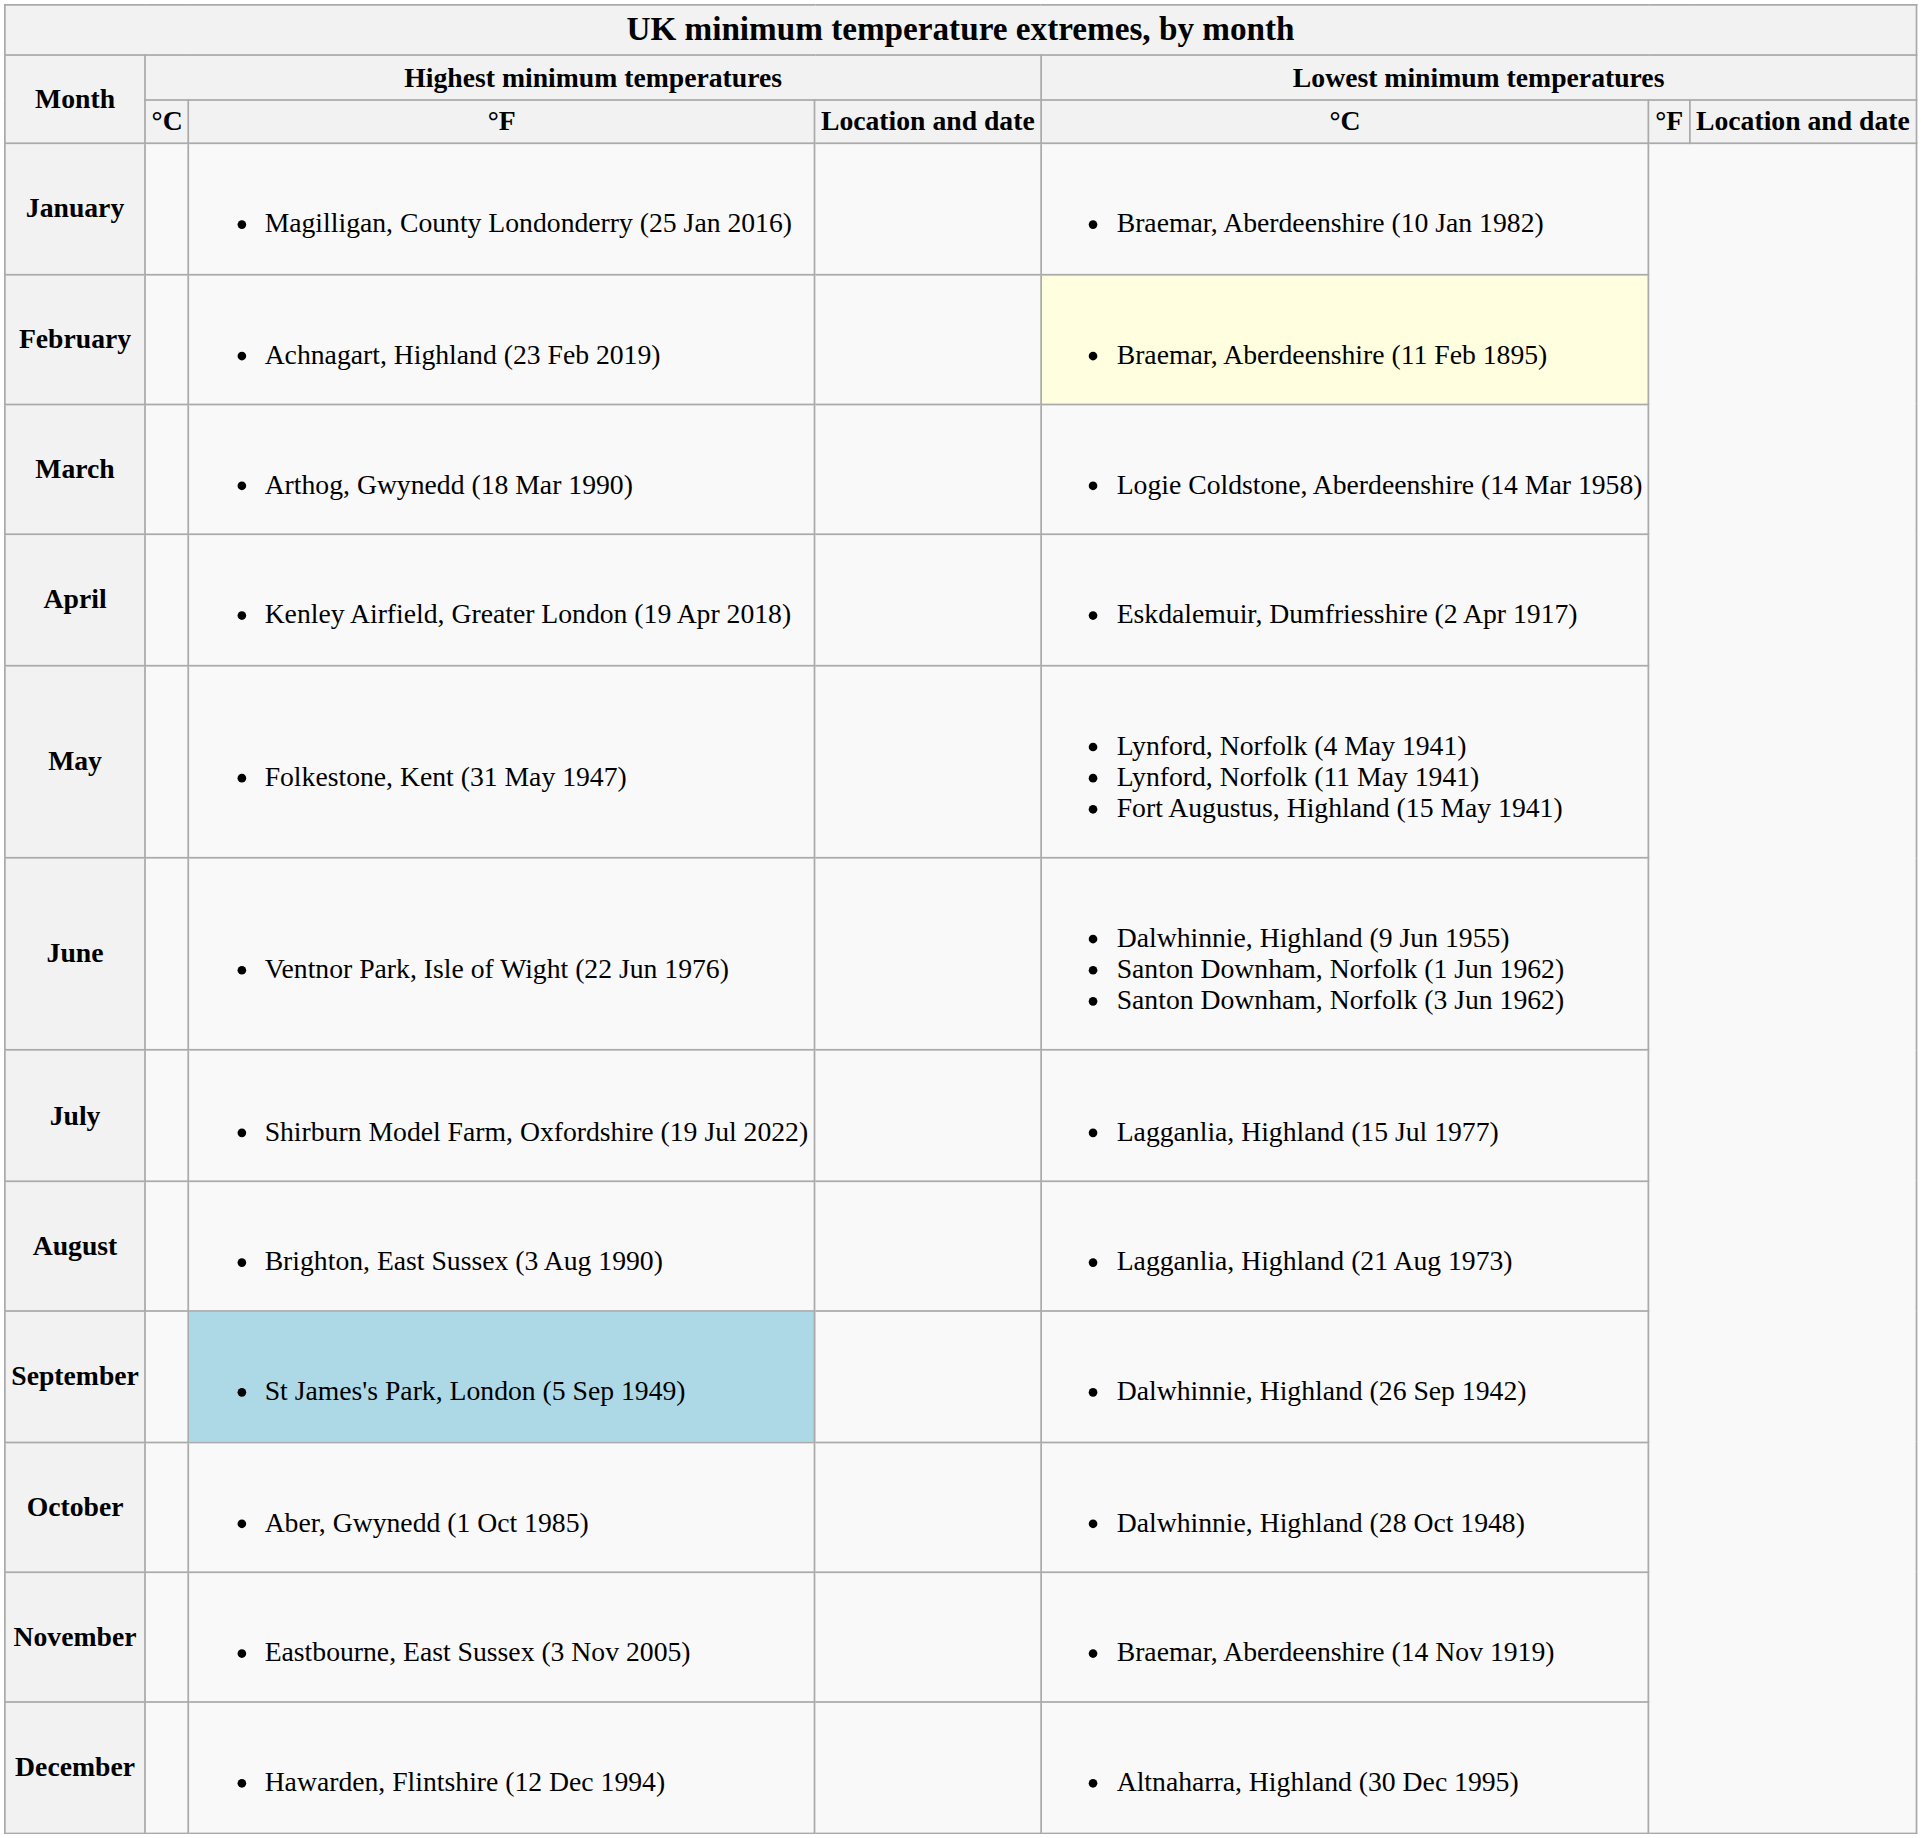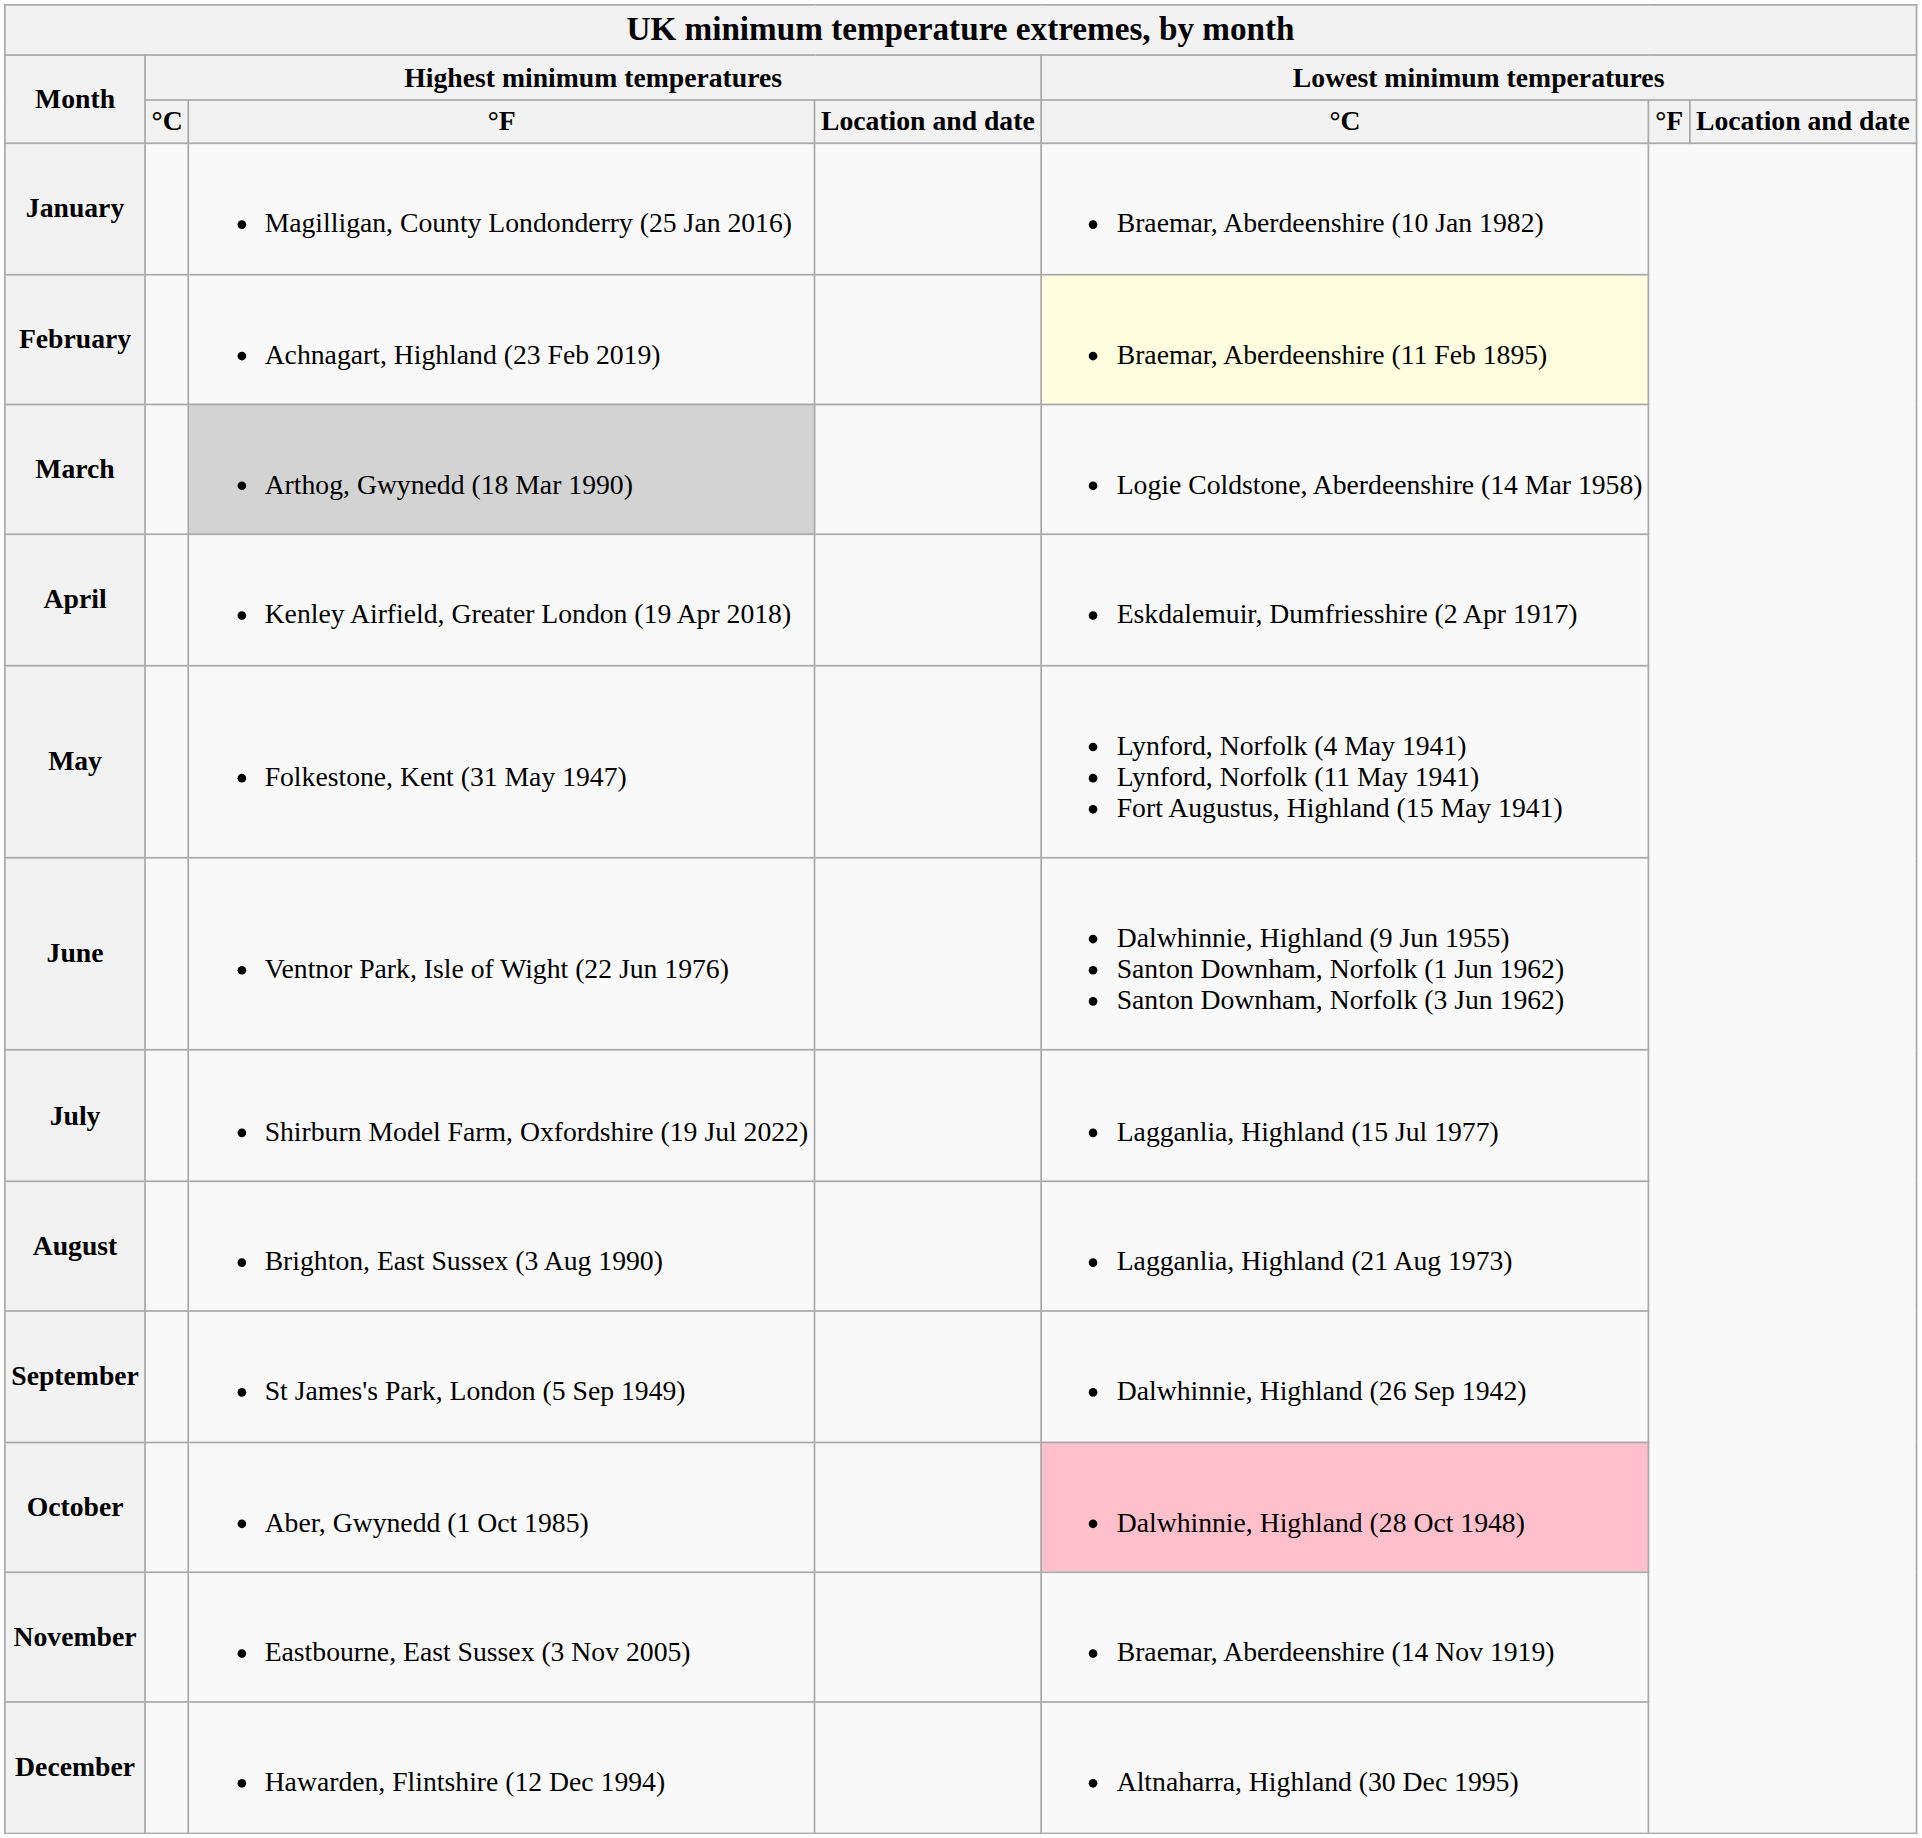 <table class=wikitable>
 <tr>
 <th colspan=7><big>UK minimum temperature extremes, by month</big></th>
 </tr>
 <tr>
 <th rowspan=2>Month</th>
 <th colspan=3>Highest minimum temperatures</th>
 <th colspan=3>Lowest minimum temperatures</th>
 </tr>
 <tr>
 <th>°C</th>
 <th>°F</th>
 <th>Location and date</th>
 <th>°C</th>
 <th>°F</th>
 <th>Location and date</th>
 </tr>
 <tr>
 <th>January</th>
 <td></td>
 <td><br><ul><li>Magilligan, County Londonderry (25 Jan 2016)</li></ul></td>
 <td></td>
 <td><br><ul><li>Braemar, Aberdeenshire (10 Jan 1982)</li></ul></td>
 </tr>
 <tr>
 <th>February</th>
 <td></td>
 <td><br><ul><li>Achnagart, Highland (23 Feb 2019)</li></ul></td>
 <td></td>
 <td style="background: lightyellow;"><br><ul><li>Braemar, Aberdeenshire (11 Feb 1895)</li></ul></td>
 </tr>
 <tr>
 <th>March</th>
 <td></td>
-<td><br><ul><li>Arthog, Gwynedd (18 Mar 1990)</li></ul></td>
+<td style="background: lightgrey;"><br><ul><li>Arthog, Gwynedd (18 Mar 1990)</li></ul></td>
 <td></td>
 <td><br><ul><li>Logie Coldstone, Aberdeenshire (14 Mar 1958)</li></ul></td>
 </tr>
 <tr>
 <th>April</th>
 <td></td>
 <td><br><ul><li>Kenley Airfield, Greater London (19 Apr 2018)</li></ul></td>
 <td></td>
 <td><br><ul><li>Eskdalemuir, Dumfriesshire (2 Apr 1917)</li></ul></td>
 </tr>
 <tr>
 <th>May</th>
 <td></td>
 <td><br><ul><li>Folkestone, Kent (31 May 1947)</li></ul></td>
 <td></td>
 <td><br><ul><li>Lynford, Norfolk (4 May 1941)</li><li>Lynford, Norfolk (11 May 1941)</li><li>Fort Augustus, Highland (15 May 1941)</li></ul></td>
 </tr>
 <tr>
 <th>June</th>
 <td></td>
 <td><br><ul><li>Ventnor Park, Isle of Wight (22 Jun 1976)</li></ul></td>
 <td></td>
 <td><br><ul><li>Dalwhinnie, Highland (9 Jun 1955)</li><li>Santon Downham, Norfolk (1 Jun 1962)</li><li>Santon Downham, Norfolk (3 Jun 1962)</li></ul></td>
 </tr>
 <tr>
 <th>July</th>
 <td></td>
 <td><br><ul><li>Shirburn Model Farm, Oxfordshire (19 Jul 2022)</li></ul></td>
 <td></td>
 <td><br><ul><li>Lagganlia, Highland (15 Jul 1977)</li></ul></td>
 </tr>
 <tr>
 <th>August</th>
 <td></td>
 <td><br><ul><li>Brighton, East Sussex (3 Aug 1990)</li></ul></td>
 <td></td>
 <td><br><ul><li>Lagganlia, Highland (21 Aug 1973)</li></ul></td>
 </tr>
 <tr>
 <th>September</th>
 <td></td>
-<td style="background: lightblue;"><br><ul><li>St James's Park, London (5 Sep 1949)</li></ul></td>
+<td><br><ul><li>St James's Park, London (5 Sep 1949)</li></ul></td>
 <td></td>
 <td><br><ul><li>Dalwhinnie, Highland (26 Sep 1942)</li></ul></td>
 </tr>
 <tr>
 <th>October</th>
 <td></td>
 <td><br><ul><li>Aber, Gwynedd (1 Oct 1985)</li></ul></td>
 <td></td>
-<td><br><ul><li>Dalwhinnie, Highland (28 Oct 1948)</li></ul></td>
+<td style="background: pink;"><br><ul><li>Dalwhinnie, Highland (28 Oct 1948)</li></ul></td>
 </tr>
 <tr>
 <th>November</th>
 <td></td>
 <td><br><ul><li>Eastbourne, East Sussex (3 Nov 2005)</li></ul></td>
 <td></td>
 <td><br><ul><li>Braemar, Aberdeenshire (14 Nov 1919)</li></ul></td>
 </tr>
 <tr>
 <th>December</th>
 <td></td>
 <td><br><ul><li>Hawarden, Flintshire (12 Dec 1994)</li></ul></td>
 <td></td>
 <td><br><ul><li>Altnaharra, Highland (30 Dec 1995)</li></ul></td>
 </tr>
 </table>
